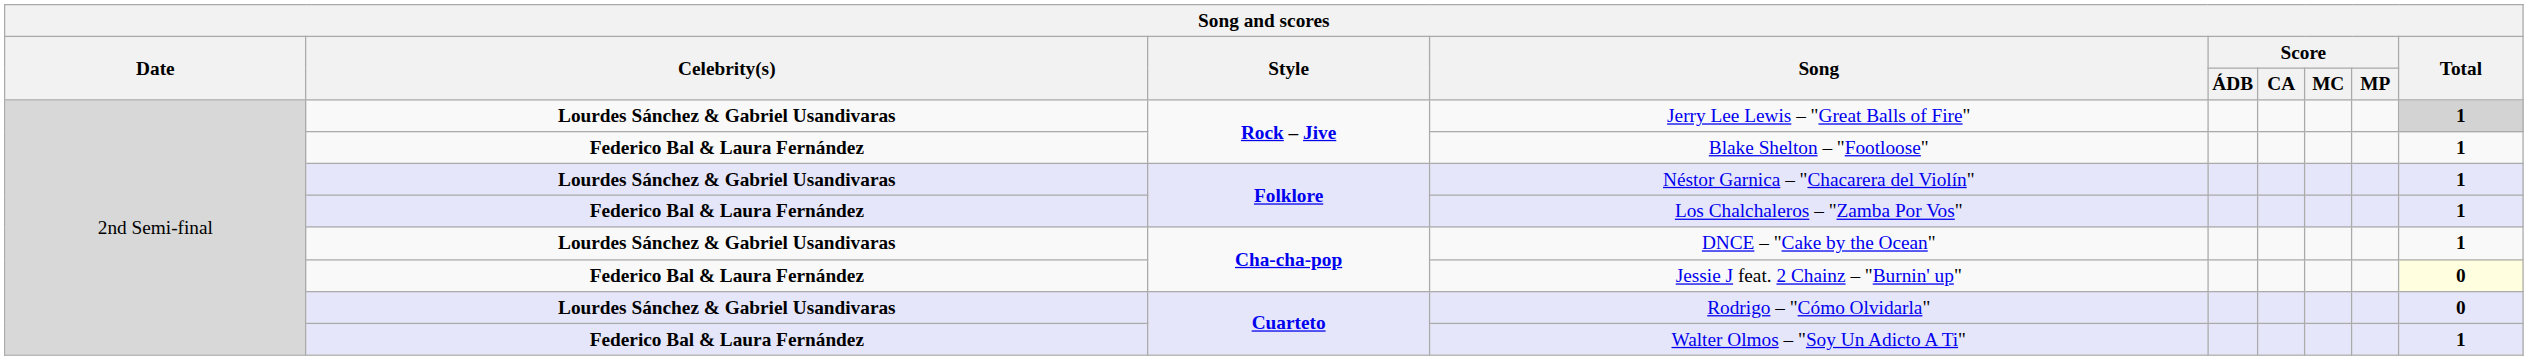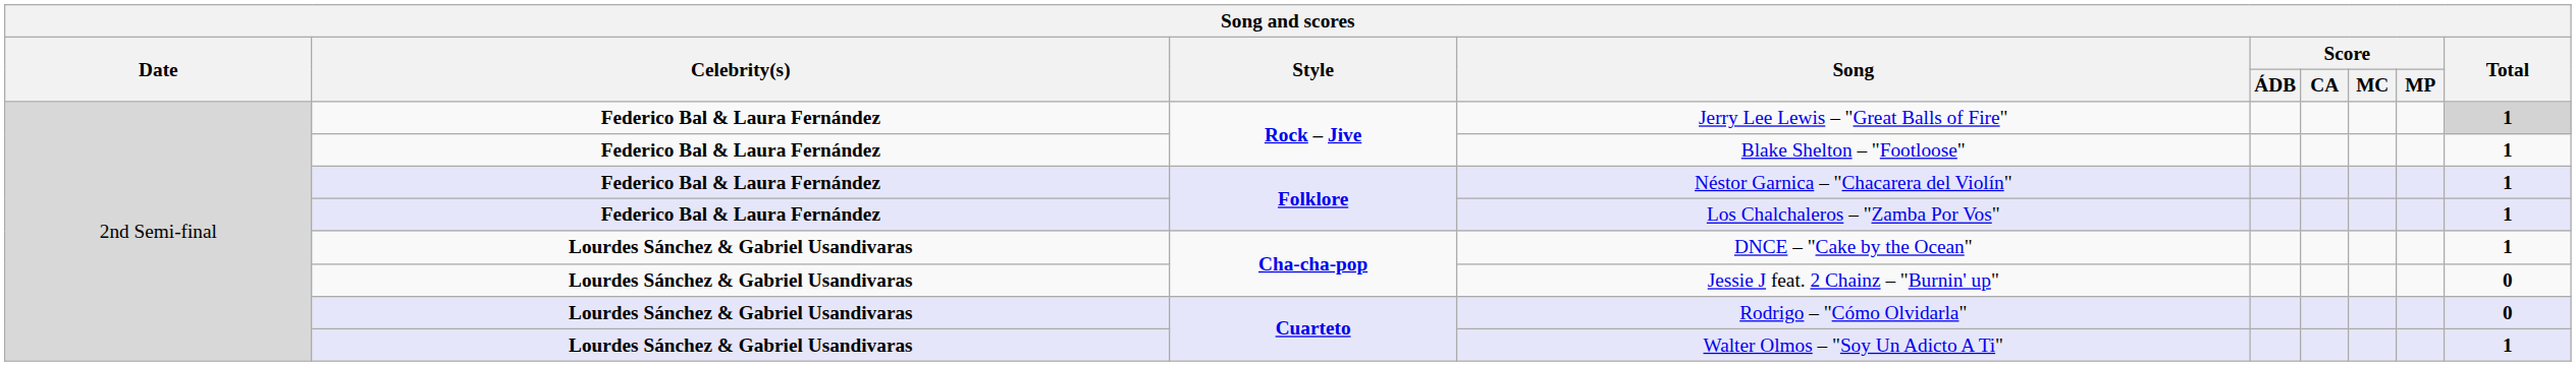 <table class="wikitable collapsible collapsed" style="font-size:95%; text-align: center; width: 100%;">
 <tr>
 <th colspan="11" style="with: 100%;" align=center>Song and scores</th>
 </tr>
 <tr>
 <th rowspan="2">Date</th>
 <th rowspan="2">Celebrity(s)</th>
 <th rowspan="2">Style</th>
 <th rowspan="2">Song</th>
 <th colspan="4">Score</th>
 <th rowspan="2">Total</th>
 </tr>
 <tr>
 <th width=30>ÁDB</th>
 <th width=30>CA</th>
 <th width=30>MC</th>
 <th width=30>MP</th>
 </tr>
 <tr>
 <td rowspan="8" style=" background:#d8d8d8">2nd Semi-final<br></td>
-<td><strong>Lourdes Sánchez & Gabriel Usandivaras</strong></td>
+<td><strong>Federico Bal & Laura Fernández</strong></td>
 <td rowspan="2"><strong><a href='#'>Rock</a> – <a href='#'>Jive</a></strong></td>
 <td><a href='#'>Jerry Lee Lewis</a> – "<a href='#'>Great Balls of Fire</a>"</td>
 <td></td>
 <td></td>
 <td></td>
 <td></td>
 <td style="background: lightgrey;"><strong>1</strong></td>
 </tr>
 <tr>
 <td><strong>Federico Bal & Laura Fernández</strong></td>
 <td><a href='#'>Blake Shelton</a> – "<a href='#'>Footloose</a>"</td>
 <td></td>
 <td></td>
 <td></td>
 <td></td>
 <td><strong>1</strong></td>
 </tr>
 <tr style="background:lavender;">
-<td><strong>Lourdes Sánchez & Gabriel Usandivaras</strong></td>
+<td><strong>Federico Bal & Laura Fernández</strong></td>
 <td rowspan="2"><strong><a href='#'>Folklore</a></strong></td>
 <td><a href='#'>Néstor Garnica</a> – "<a href='#'>Chacarera del Violín</a>"</td>
 <td></td>
 <td></td>
 <td></td>
 <td></td>
 <td><strong>1</strong></td>
 </tr>
 <tr style="background:lavender;">
 <td><strong>Federico Bal & Laura Fernández</strong></td>
 <td><a href='#'>Los Chalchaleros</a> – "<a href='#'>Zamba Por Vos</a>"</td>
 <td></td>
 <td></td>
 <td></td>
 <td></td>
 <td><strong>1</strong></td>
 </tr>
 <tr>
 <td><strong>Lourdes Sánchez & Gabriel Usandivaras</strong></td>
 <td rowspan="2"><strong><a href='#'>Cha-cha-pop</a></strong></td>
 <td><a href='#'>DNCE</a> – "<a href='#'>Cake by the Ocean</a>"</td>
 <td></td>
 <td></td>
 <td></td>
 <td></td>
 <td><strong>1</strong></td>
 </tr>
 <tr>
-<td><strong>Federico Bal & Laura Fernández</strong></td>
+<td><strong>Lourdes Sánchez & Gabriel Usandivaras</strong></td>
 <td><a href='#'>Jessie J</a> feat. <a href='#'>2 Chainz</a> – "<a href='#'>Burnin' up</a>"</td>
 <td></td>
 <td></td>
 <td></td>
 <td></td>
-<td style="background: lightyellow;"><strong>0</strong></td>
+<td><strong>0</strong></td>
 </tr>
 <tr style="background:lavender;">
 <td><strong>Lourdes Sánchez & Gabriel Usandivaras</strong></td>
 <td rowspan="2"><strong><a href='#'>Cuarteto</a></strong></td>
 <td><a href='#'>Rodrigo</a> – "<a href='#'>Cómo Olvidarla</a>"</td>
 <td></td>
 <td></td>
 <td></td>
 <td></td>
 <td><strong>0</strong></td>
 </tr>
 <tr style="background:lavender;">
-<td><strong>Federico Bal & Laura Fernández</strong></td>
+<td><strong>Lourdes Sánchez & Gabriel Usandivaras</strong></td>
 <td><a href='#'>Walter Olmos</a> – "<a href='#'>Soy Un Adicto A Ti</a>"</td>
 <td></td>
 <td></td>
 <td></td>
 <td></td>
 <td><strong>1</strong></td>
 </tr>
 </table>
